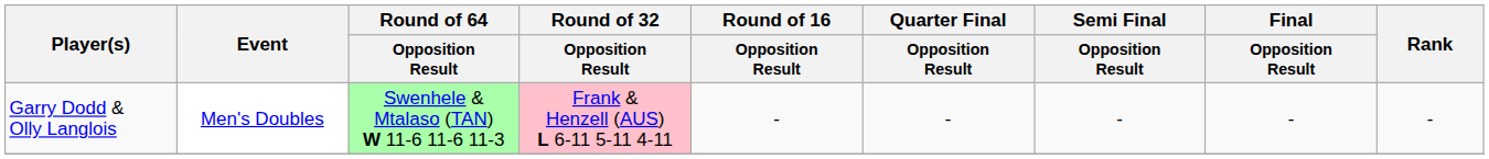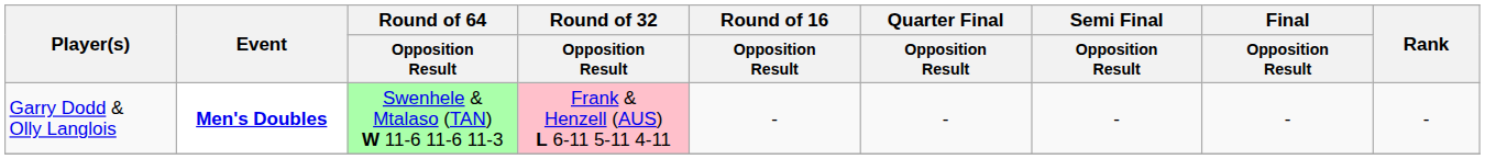 <table class=wikitable style="font-size:90%">
 <tr>
 <th rowspan="2" style="width:125px;">Player(s)</th>
 <th rowspan="2" style="width:125px;">Event</th>
 <th width=125>Round of 64</th>
 <th width=125>Round of 32</th>
 <th width=125>Round of 16</th>
 <th width=125>Quarter Final</th>
 <th width=125>Semi Final</th>
 <th width=125>Final</th>
 <th rowspan="2" style="width:75px;">Rank</th>
 </tr>
 <tr>
 <th style="line-height:1em"><small>Opposition<br>Result</small></th>
 <th style="line-height:1em"><small>Opposition<br>Result</small></th>
 <th style="line-height:1em"><small>Opposition<br>Result</small></th>
 <th style="line-height:1em"><small>Opposition<br>Result</small></th>
 <th style="line-height:1em"><small>Opposition<br>Result</small></th>
 <th style="line-height:1em"><small>Opposition<br>Result</small></th>
 </tr>
 <tr>
 <td><a href='#'>Garry Dodd</a> &<br><a href='#'>Olly Langlois</a></td>
-<td style="text-align:center; background:white;"><a href='#'>Men's Doubles</a></td>
+<td style="text-align:center; background:white;"><strong><a href='#'>Men's Doubles</a></strong></td>
 <td style="text-align:center; background:#afa;"> <a href='#'>Swenhele</a> &<br><a href='#'>Mtalaso</a> (<a href='#'>TAN</a>)<br><strong>W</strong> 11-6 11-6 11-3</td>
 <td style="text-align:center; background:pink;"> <a href='#'>Frank</a> &<br><a href='#'>Henzell</a> (<a href='#'>AUS</a>)<br><strong>L</strong> 6-11 5-11 4-11</td>
 <td style="text-align:center; background:#white;">-</td>
 <td style="text-align:center; background:#white;">-</td>
 <td style="text-align:center; background:#white;">-</td>
 <td style="text-align:center; background:#white;">-</td>
 <td style="text-align:center; background:#white;">-</td>
 </tr>
 <tr>
 </tr>
 </table>
